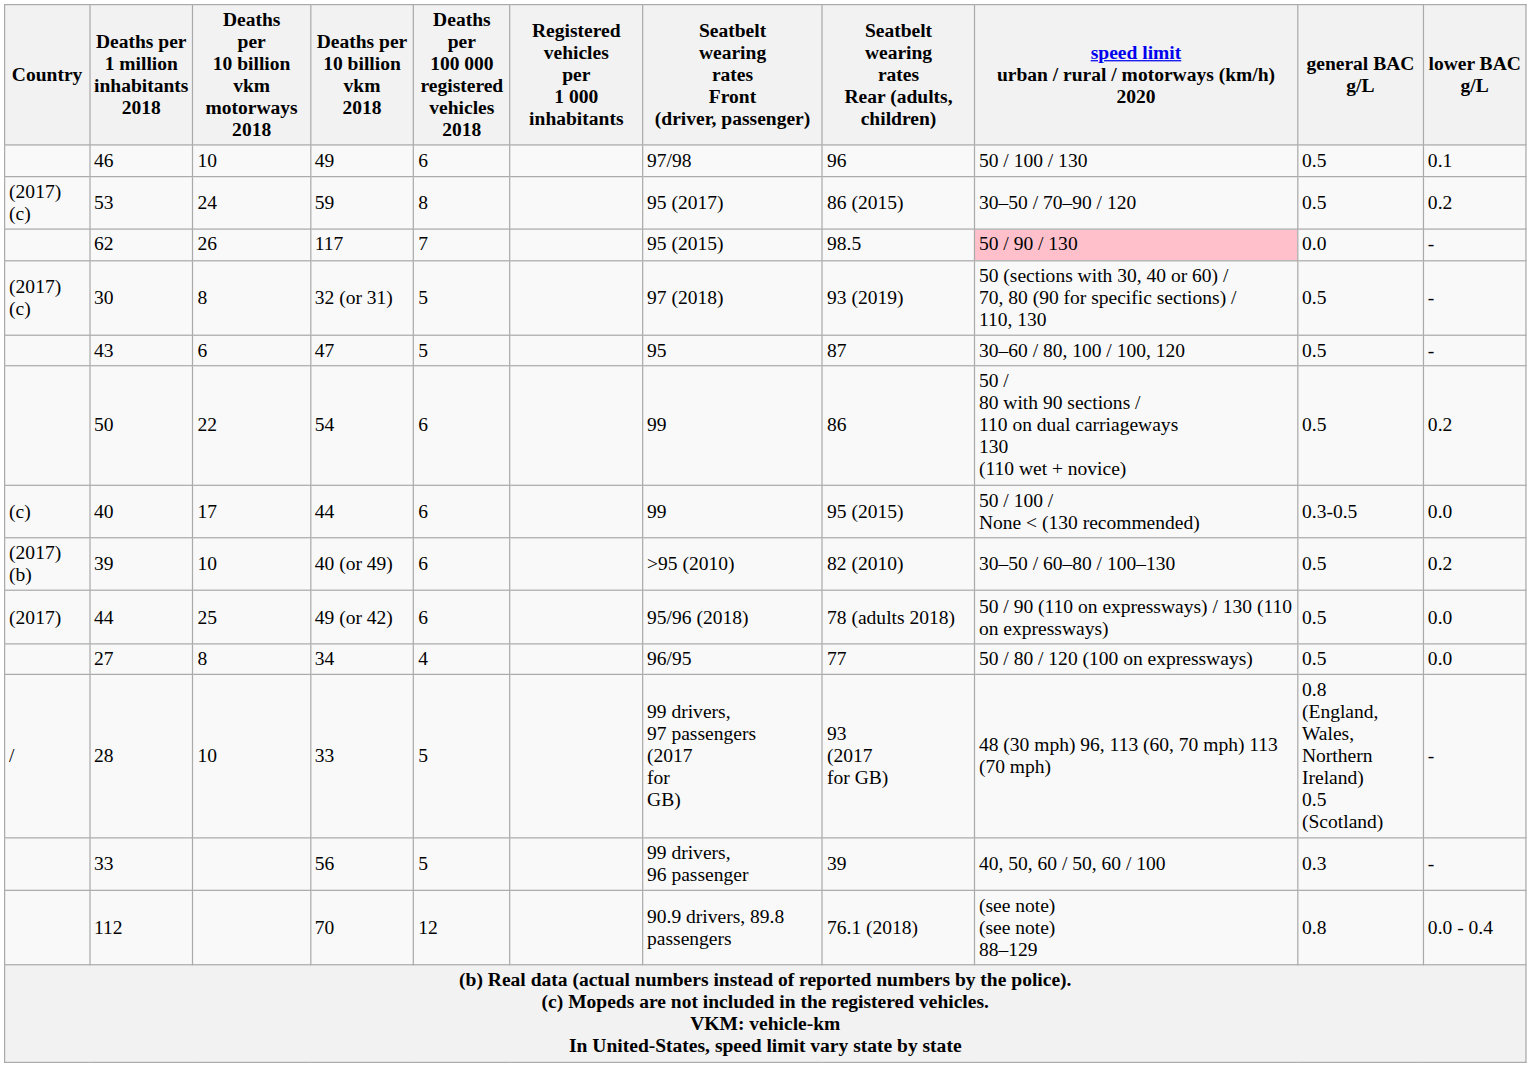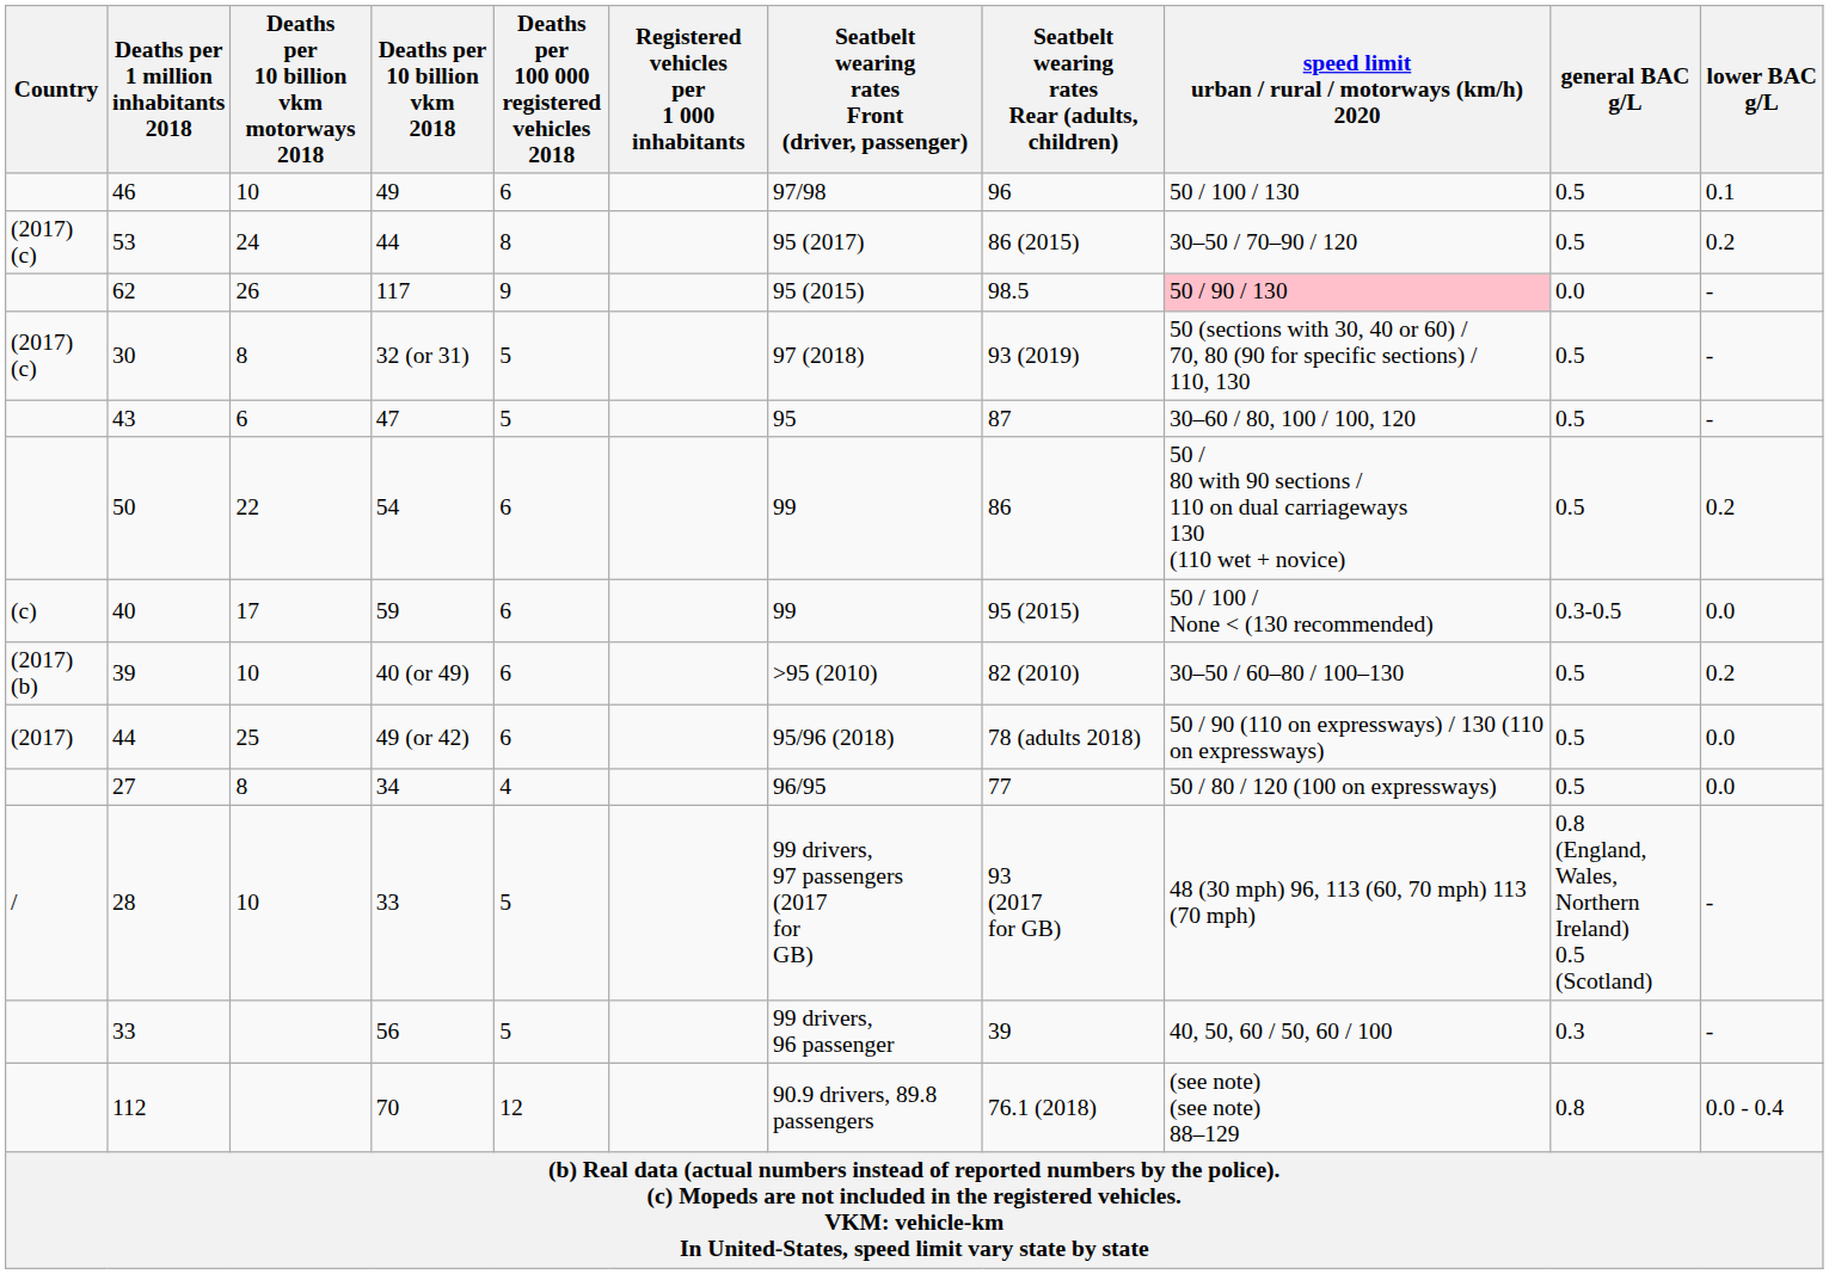 <table class="wikitable sortable">
 <tr>
 <th data-sort-type="text">Country</th>
 <th data-sort-type="number">Deaths per<br>1 million <br>inhabitants<br>2018</th>
 <th data-sort-type="number">Deaths<br> per<br>10 billion vkm<br>motorways<br>2018</th>
 <th data-sort-type="number">Deaths per<br>10 billion vkm<br>2018</th>
 <th data-sort-type="number">Deaths per<br>100 000 <br>registered <br>vehicles<br>2018</th>
 <th data-sort-type="number">Registered<br> vehicles<br> per<br> 1 000 inhabitants</th>
 <th data-sort-type="number">Seatbelt<br> wearing <br>rates<br> Front <br>(driver, passenger)</th>
 <th data-sort-type="number">Seatbelt<br> wearing <br>rates<br> Rear (adults, children)</th>
 <th class="unsortable"><a href='#'>speed limit</a><br>urban / rural / motorways (km/h) <br> 2020</th>
 <th data-sort-type="number">general BAC g/L</th>
 <th data-sort-type="number">lower BAC g/L</th>
 </tr>
 <tr>
 <td></td>
 <td>46</td>
 <td>10</td>
 <td>49</td>
 <td>6</td>
 <td></td>
 <td>97/98</td>
 <td>96</td>
 <td>50 / 100 / 130</td>
 <td>0.5</td>
 <td>0.1</td>
 </tr>
 <tr>
 <td> (2017) (c)</td>
 <td>53</td>
 <td>24</td>
-<td>59</td>
+<td>44</td>
 <td>8</td>
 <td></td>
 <td>95 (2017)</td>
 <td>86 (2015)</td>
 <td>30–50 / 70–90 / 120</td>
 <td>0.5</td>
 <td>0.2</td>
 </tr>
 <tr>
 <td></td>
 <td>62</td>
 <td>26</td>
 <td>117</td>
-<td>7</td>
+<td>9</td>
 <td></td>
 <td>95 (2015)</td>
 <td>98.5</td>
 <td style="background: pink;">50 / 90 / 130</td>
 <td>0.0</td>
 <td>-</td>
 </tr>
 <tr>
 <td> (2017) (c)</td>
 <td>30</td>
 <td>8</td>
 <td>32 (or 31)</td>
 <td>5</td>
 <td></td>
 <td>97 (2018)</td>
 <td>93 (2019)</td>
 <td>50 (sections with 30, 40 or 60) / <br> 70, 80 (90 for specific sections) / <br>110, 130</td>
 <td>0.5</td>
 <td>-</td>
 </tr>
 <tr>
 <td></td>
 <td>43</td>
 <td>6</td>
 <td>47</td>
 <td>5</td>
 <td></td>
 <td>95</td>
 <td>87</td>
 <td>30–60 / 80, 100 / 100, 120</td>
 <td>0.5</td>
 <td>-</td>
 </tr>
 <tr>
 <td></td>
 <td>50</td>
 <td>22</td>
 <td>54</td>
 <td>6</td>
 <td></td>
 <td>99</td>
 <td>86</td>
 <td>50 / <br> 80 with 90 sections / <br>  110 on dual carriageways <br>  130 <br>  (110 wet + novice)</td>
 <td>0.5</td>
 <td>0.2</td>
 </tr>
 <tr>
 <td> (c)</td>
 <td>40</td>
 <td>17</td>
-<td>44</td>
+<td>59</td>
 <td>6</td>
 <td></td>
 <td>99</td>
 <td>95 (2015)</td>
 <td>50 / 100 / <br> None < (130 recommended)</td>
 <td>0.3-0.5</td>
 <td>0.0</td>
 </tr>
 <tr>
 <td> (2017) (b)</td>
 <td>39</td>
 <td>10</td>
 <td>40 (or 49)</td>
 <td>6</td>
 <td></td>
 <td>>95 (2010)</td>
 <td>82 (2010)</td>
 <td>30–50 / 60–80 / 100–130</td>
 <td>0.5</td>
 <td>0.2</td>
 </tr>
 <tr>
 <td> (2017)</td>
 <td>44</td>
 <td>25</td>
 <td>49 (or 42)</td>
 <td>6</td>
 <td></td>
 <td>95/96 (2018)</td>
 <td>78 (adults 2018)</td>
 <td>50 / 90 (110 on expressways) / 130 (110 on expressways)</td>
 <td>0.5</td>
 <td>0.0</td>
 </tr>
 <tr>
 <td></td>
 <td>27</td>
 <td>8</td>
 <td>34</td>
 <td>4</td>
 <td></td>
 <td>96/95</td>
 <td>77</td>
 <td>50 / 80 / 120 (100 on expressways)</td>
 <td>0.5</td>
 <td>0.0</td>
 </tr>
 <tr>
 <td> /</td>
 <td>28</td>
 <td>10</td>
 <td>33</td>
 <td>5</td>
 <td></td>
 <td>99 drivers,<br> 97 passengers<br> (2017 <br>for <br>GB)</td>
 <td>93 <br>(2017 <br>for GB)</td>
 <td>48 (30 mph) 96, 113 (60, 70 mph) 113 (70 mph)</td>
 <td>0.8 <br>(England,<br> Wales,<br> Northern Ireland) <br> 0.5 <br>(Scotland)</td>
 <td>-</td>
 </tr>
 <tr>
 <td></td>
 <td>33</td>
 <td></td>
 <td>56</td>
 <td>5</td>
 <td></td>
 <td>99 drivers,<br> 96 passenger</td>
 <td>39</td>
 <td>40, 50, 60 / 50, 60 / 100</td>
 <td>0.3</td>
 <td>-</td>
 </tr>
 <tr>
 <td></td>
 <td>112</td>
 <td></td>
 <td>70</td>
 <td>12</td>
 <td></td>
 <td>90.9 drivers, 89.8 passengers</td>
 <td>76.1 (2018)</td>
 <td>(see note)<br> (see note)<br>88–129</td>
 <td>0.8</td>
 <td>0.0 - 0.4</td>
 </tr>
 <tr>
 <th colspan="11">(b) Real data (actual numbers instead of reported numbers by the police).<br>(c) Mopeds are not included in the registered vehicles. <br> VKM: vehicle-km <br> In United-States, speed limit vary state by state</th>
 </tr>
 </table>
